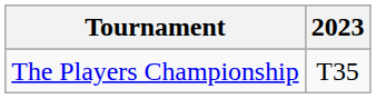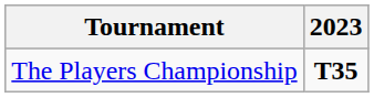 <table class="wikitable" style="font-size:95%;text-align:center;">
 <tr>
 <th>Tournament</th>
 <th>2023</th>
 </tr>
 <tr>
 <td align=left><a href='#'>The Players Championship</a></td>
-<td>T35</td>
+<td><strong>T35</strong></td>
 </tr>
 </table>
